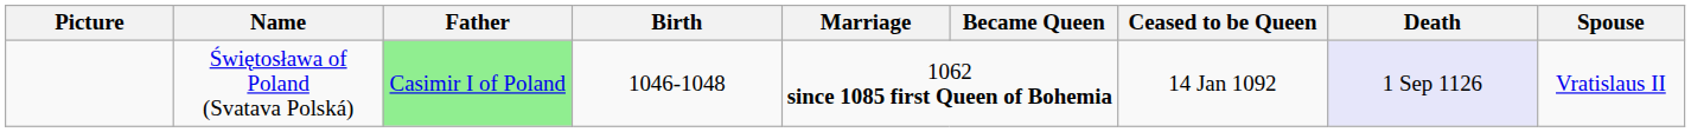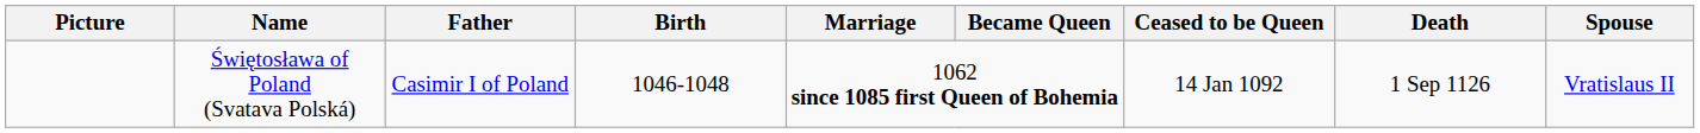 <table width=95% class="wikitable">
 <tr>
 <th width = "8%">Picture</th>
 <th width = "10%">Name</th>
 <th width = "9%">Father</th>
 <th width = "10%">Birth</th>
 <th width = "8%">Marriage</th>
 <th width = "8%">Became Queen</th>
 <th width = "10%">Ceased to be Queen</th>
 <th width = "10%">Death</th>
 <th width = "7%">Spouse</th>
 </tr>
 <tr>
 <td></td>
 <td align="center"><a href='#'>Świętosława of Poland</a><br>(Svatava Polská)</td>
-<td align="center" style="background: lightgreen;"><a href='#'>Casimir I of Poland</a></td>
+<td align="center"><a href='#'>Casimir I of Poland</a></td>
 <td align="center">1046-1048</td>
 <td align="center" colspan="2">1062<br><strong>since 1085 first Queen of Bohemia</strong></td>
 <td align="center">14 Jan 1092</td>
-<td align="center" style="background: lavender;">1 Sep 1126</td>
+<td align="center">1 Sep 1126</td>
 <td align="center"><a href='#'>Vratislaus II</a></td>
 </tr>
 </table>
